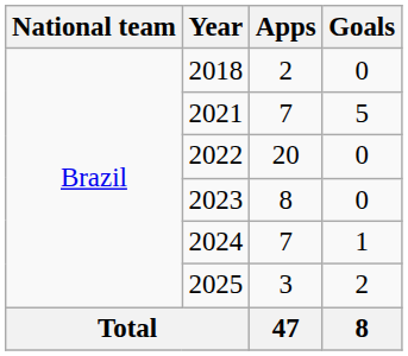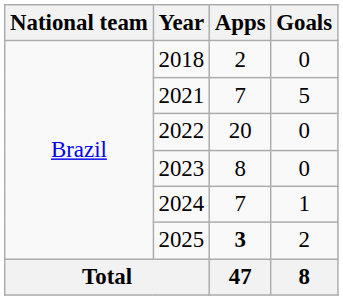 <table class="wikitable" style="text-align:center">
 <tr>
 <th>National team</th>
 <th>Year</th>
 <th>Apps</th>
 <th>Goals</th>
 </tr>
 <tr>
 <td rowspan="6"><a href='#'>Brazil</a></td>
 <td>2018</td>
 <td>2</td>
 <td>0</td>
 </tr>
 <tr>
 <td>2021</td>
 <td>7</td>
 <td>5</td>
 </tr>
 <tr>
 <td>2022</td>
 <td>20</td>
 <td>0</td>
 </tr>
 <tr>
 <td>2023</td>
 <td>8</td>
 <td>0</td>
 </tr>
 <tr>
 <td>2024</td>
 <td>7</td>
 <td>1</td>
 </tr>
 <tr>
 <td>2025</td>
-<td>3</td>
+<td><strong>3</strong></td>
 <td>2</td>
 </tr>
 <tr>
 <th colspan="2">Total</th>
 <th>47</th>
 <th>8</th>
 </tr>
 </table>
